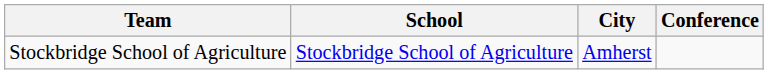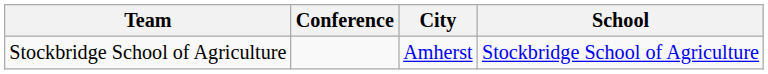 <table class="sortable wikitable">
 <tr>
 <th>Team</th>
+<th>Conference</th>
+<th>City</th>
 <th>School</th>
-<th>City</th>
-<th>Conference</th>
 </tr>
 <tr>
 <td>Stockbridge School of Agriculture</td>
+<td></td>
+<td><a href='#'>Amherst</a></td>
 <td><a href='#'>Stockbridge School of Agriculture</a></td>
-<td><a href='#'>Amherst</a></td>
-<td></td>
 </tr>
 </table>
